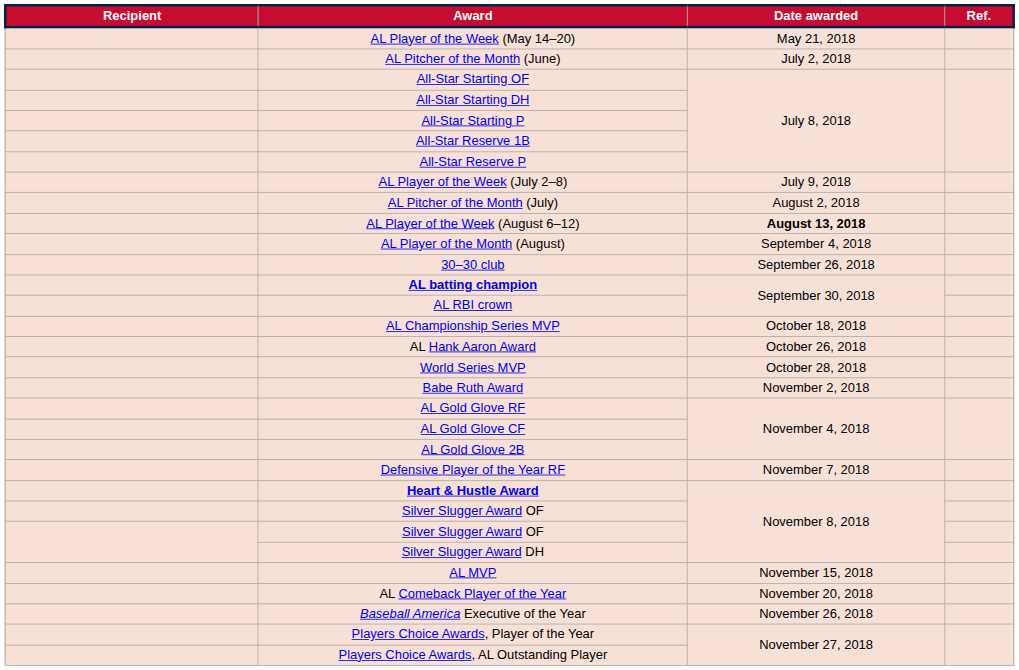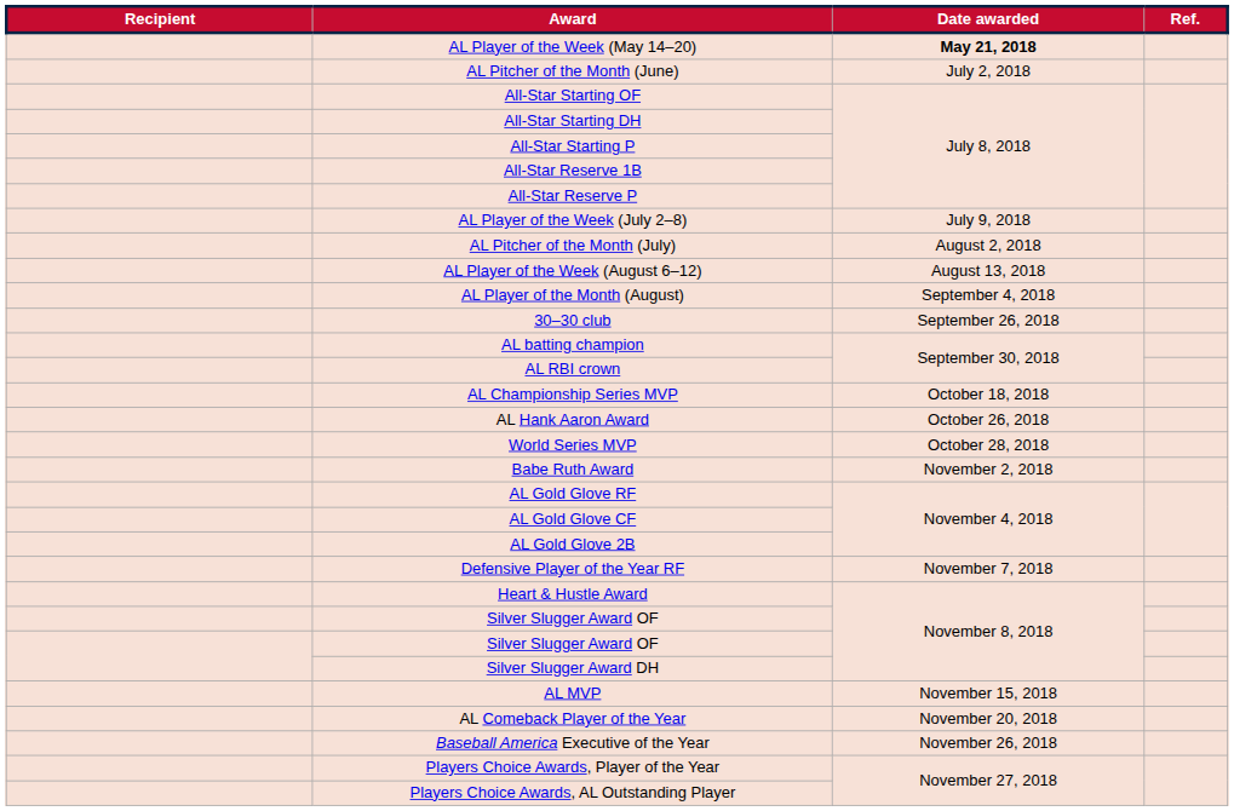 <table class="wikitable sortable" style="text-align:center; background:#f7e1d7;">
 <tr>
 <th style="background:#c60c30; color:#FFF; border-top: 3px solid #024; border-bottom: 3px solid #024; border-left: 3px solid #024;" width="5%">Recipient</th>
 <th style="background:#c60c30; color:#FFF; border-top: 3px solid #024; border-bottom: 3px solid #024;" width="9%">Award</th>
 <th style="background:#c60c30; color:#FFF; border-top: 3px solid #024; border-bottom: 3px solid #024;" width="5%">Date awarded</th>
 <th style="background:#c60c30; color:#FFF; border-top: 3px solid #024; border-bottom: 3px solid #024; border-right: 3px solid #024;" width="1%" class="unsortable">Ref.</th>
 </tr>
 <tr>
 <td></td>
 <td><a href='#'>AL Player of the Week</a> (May 14–20)</td>
-<td>May 21, 2018</td>
+<td><strong>May 21, 2018</strong></td>
 <td></td>
 </tr>
 <tr>
 <td></td>
 <td><a href='#'>AL Pitcher of the Month</a> (June)</td>
 <td>July 2, 2018</td>
 <td></td>
 </tr>
 <tr>
 <td></td>
 <td><a href='#'>All-Star Starting OF</a></td>
 <td rowspan=5>July 8, 2018</td>
 <td rowspan=5></td>
 </tr>
 <tr>
 <td></td>
 <td><a href='#'>All-Star Starting DH</a></td>
 </tr>
 <tr>
 <td></td>
 <td><a href='#'>All-Star Starting P</a></td>
 </tr>
 <tr>
 <td></td>
 <td><a href='#'>All-Star Reserve 1B</a></td>
 </tr>
 <tr>
 <td></td>
 <td><a href='#'>All-Star Reserve P</a></td>
 </tr>
 <tr>
 <td></td>
 <td><a href='#'>AL Player of the Week</a> (July 2–8)</td>
 <td>July 9, 2018</td>
 <td></td>
 </tr>
 <tr>
 <td></td>
 <td><a href='#'>AL Pitcher of the Month</a> (July)</td>
 <td>August 2, 2018</td>
 <td></td>
 </tr>
 <tr>
 <td></td>
 <td><a href='#'>AL Player of the Week</a> (August 6–12)</td>
-<td><strong>August 13, 2018</strong></td>
+<td>August 13, 2018</td>
 <td></td>
 </tr>
 <tr>
 <td></td>
 <td><a href='#'>AL Player of the Month</a> (August)</td>
 <td>September 4, 2018</td>
 <td></td>
 </tr>
 <tr>
 <td></td>
 <td><a href='#'>30–30 club</a></td>
 <td>September 26, 2018</td>
 <td></td>
 </tr>
 <tr>
 <td></td>
-<td><strong><a href='#'>AL batting champion</a></strong></td>
+<td><a href='#'>AL batting champion</a></td>
 <td rowspan=2>September 30, 2018</td>
 <td></td>
 </tr>
 <tr>
 <td></td>
 <td><a href='#'>AL RBI crown</a></td>
 <td></td>
 </tr>
 <tr>
 <td></td>
 <td><a href='#'>AL Championship Series MVP</a></td>
 <td>October 18, 2018</td>
 <td></td>
 </tr>
 <tr>
 <td></td>
 <td>AL <a href='#'>Hank Aaron Award</a></td>
 <td>October 26, 2018</td>
 <td></td>
 </tr>
 <tr>
 <td></td>
 <td><a href='#'>World Series MVP</a></td>
 <td>October 28, 2018</td>
 <td></td>
 </tr>
 <tr>
 <td></td>
 <td><a href='#'>Babe Ruth Award</a></td>
 <td>November 2, 2018</td>
 <td></td>
 </tr>
 <tr>
 <td></td>
 <td><a href='#'>AL Gold Glove RF</a></td>
 <td rowspan=3>November 4, 2018</td>
 <td rowspan=3></td>
 </tr>
 <tr>
 <td></td>
 <td><a href='#'>AL Gold Glove CF</a></td>
 </tr>
 <tr>
 <td></td>
 <td><a href='#'>AL Gold Glove 2B</a></td>
 </tr>
 <tr>
 <td></td>
 <td><a href='#'>Defensive Player of the Year RF</a></td>
 <td>November 7, 2018</td>
 <td></td>
 </tr>
 <tr>
 <td></td>
-<td><strong><a href='#'>Heart & Hustle Award</a></strong></td>
+<td><a href='#'>Heart & Hustle Award</a></td>
 <td rowspan=4>November 8, 2018</td>
 <td></td>
 </tr>
 <tr>
 <td></td>
 <td><a href='#'>Silver Slugger Award</a> OF</td>
 <td></td>
 </tr>
 <tr>
 <td rowspan=2></td>
 <td><a href='#'>Silver Slugger Award</a> OF</td>
 <td></td>
 </tr>
 <tr>
 <td><a href='#'>Silver Slugger Award</a> DH</td>
 <td></td>
 </tr>
 <tr>
 <td></td>
 <td><a href='#'>AL MVP</a></td>
 <td>November 15, 2018</td>
 <td></td>
 </tr>
 <tr>
 <td></td>
 <td>AL <a href='#'>Comeback Player of the Year</a></td>
 <td>November 20, 2018</td>
 <td></td>
 </tr>
 <tr>
 <td></td>
 <td><em><a href='#'>Baseball America</a></em> Executive of the Year</td>
 <td>November 26, 2018</td>
 <td></td>
 </tr>
 <tr>
 <td></td>
 <td><a href='#'>Players Choice Awards</a>, Player of the Year</td>
 <td rowspan=2>November 27, 2018</td>
 <td rowspan=2></td>
 </tr>
 <tr>
 <td></td>
 <td><a href='#'>Players Choice Awards</a>, AL Outstanding Player</td>
 </tr>
 </table>
